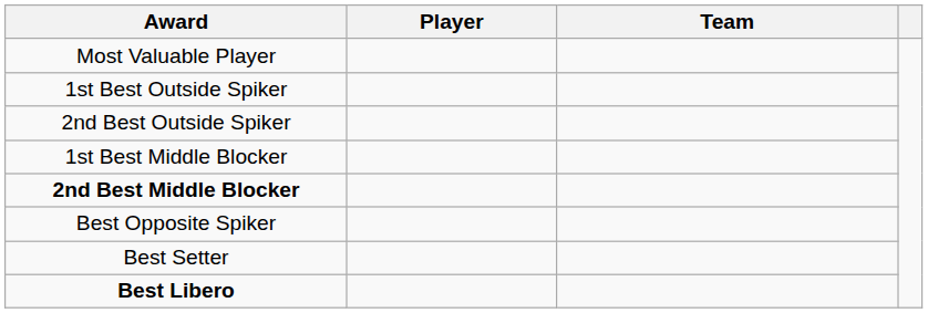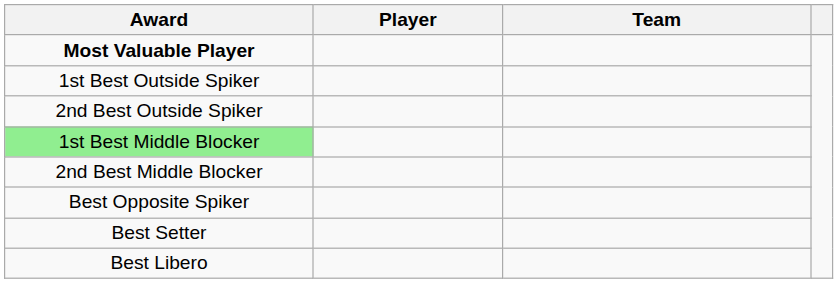 <table class="wikitable">
 <tr>
 <th width=250>Award</th>
 <th width=150>Player</th>
 <th width=250>Team</th>
 <th width=10></th>
 </tr>
 <tr>
-<td style="text-align:center">Most Valuable Player</td>
+<td style="text-align:center"><strong>Most Valuable Player</strong></td>
 <td></td>
 <td></td>
 <td style="text-align:center" rowspan=8></td>
 </tr>
 <tr>
 <td style="text-align:center">1st Best Outside Spiker</td>
 <td></td>
 <td></td>
 </tr>
 <tr>
 <td style="text-align:center">2nd Best Outside Spiker</td>
 <td></td>
 <td></td>
 </tr>
 <tr>
-<td style="text-align:center">1st Best Middle Blocker</td>
+<td style="background: lightgreen; text-align:center">1st Best Middle Blocker</td>
 <td></td>
 <td></td>
 </tr>
 <tr>
-<td style="text-align:center"><strong>2nd Best Middle Blocker</strong></td>
+<td style="text-align:center">2nd Best Middle Blocker</td>
 <td></td>
 <td></td>
 </tr>
 <tr>
 <td style="text-align:center">Best Opposite Spiker</td>
 <td></td>
 <td></td>
 </tr>
 <tr>
 <td style="text-align:center">Best Setter</td>
 <td></td>
 <td></td>
 </tr>
 <tr>
-<td style="text-align:center"><strong>Best Libero</strong></td>
+<td style="text-align:center">Best Libero</td>
 <td></td>
 <td></td>
 </tr>
 </table>
